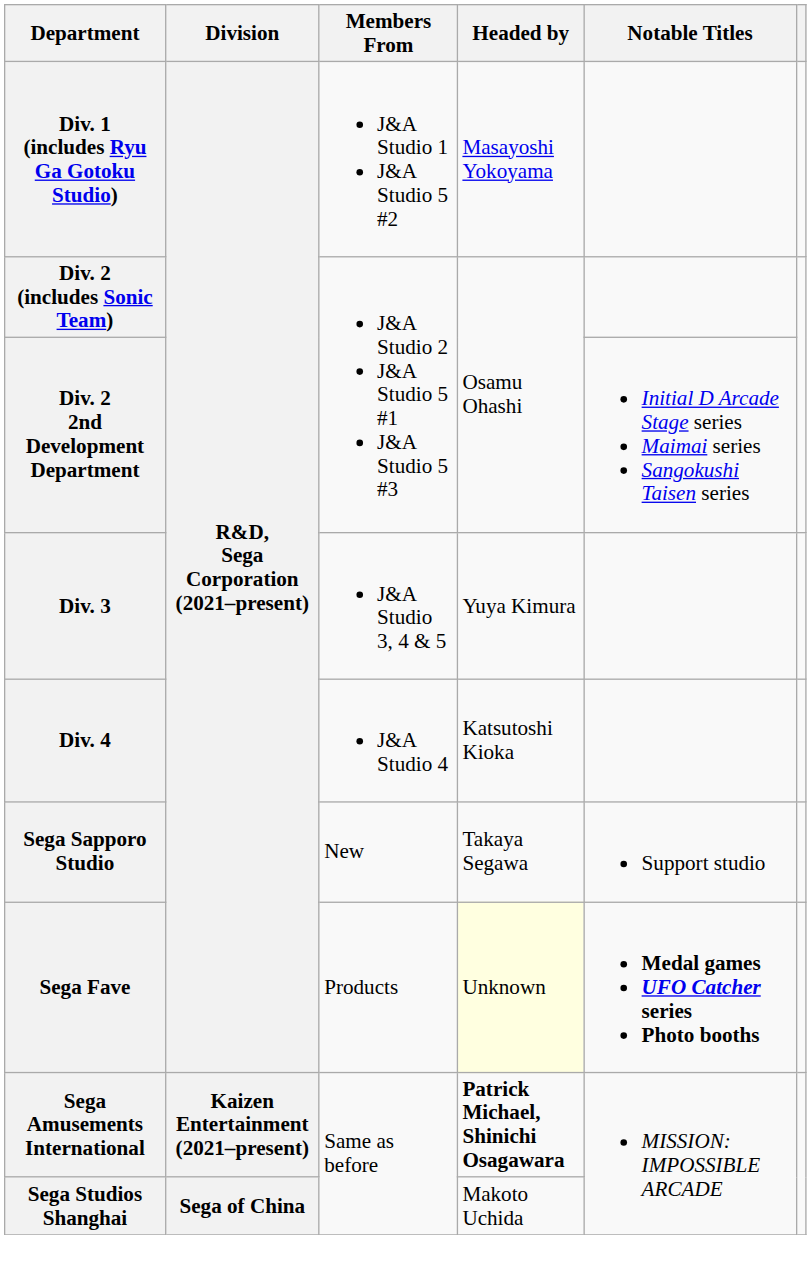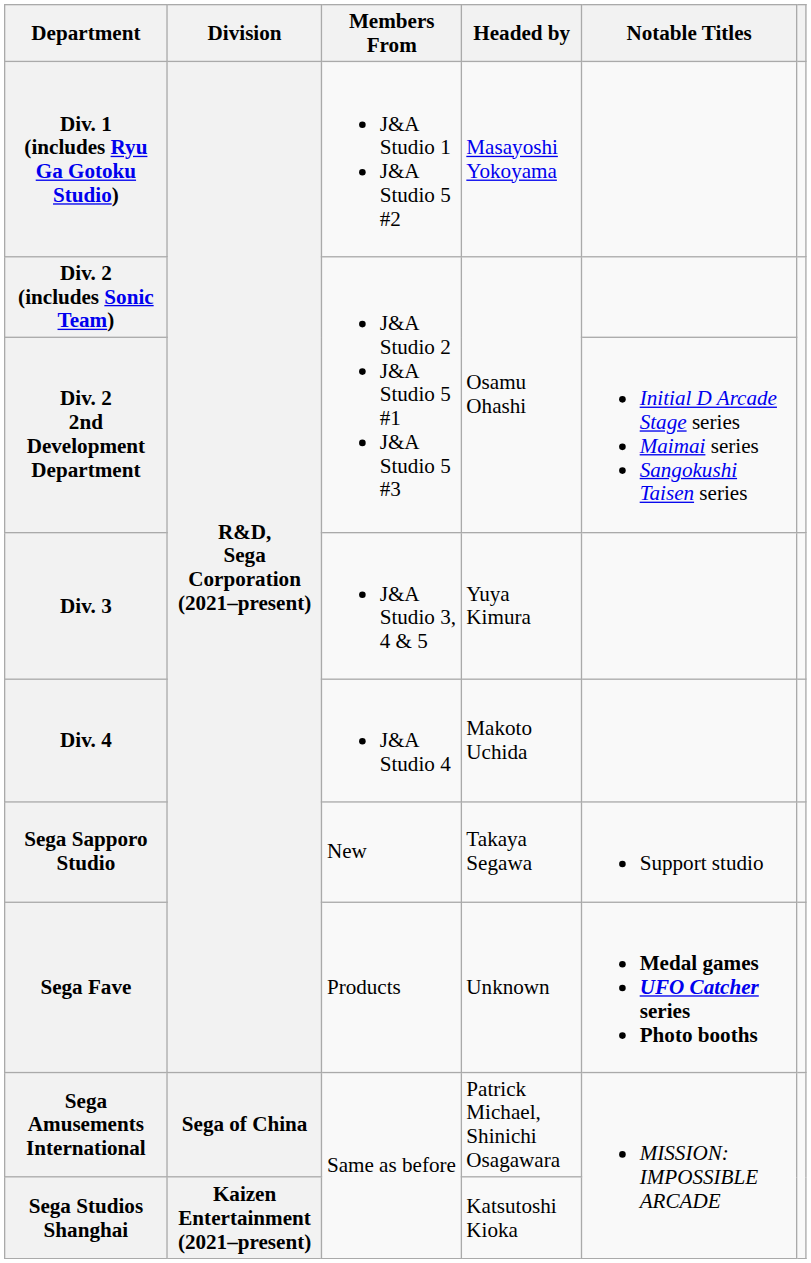 <table class="wikitable">
 <tr>
 <th>Department</th>
 <th>Division</th>
 <th>Members From</th>
 <th>Headed by</th>
 <th>Notable Titles</th>
 <th></th>
 </tr>
 <tr>
 <th>Div. 1<br>(includes <a href='#'>Ryu Ga Gotoku Studio</a>)</th>
 <th rowspan="7">R&D,<br>Sega Corporation<br>(2021–present)</th>
 <td><br><ul><li>J&A Studio 1</li><li>J&A Studio 5 #2</li></ul></td>
 <td><a href='#'>Masayoshi Yokoyama</a></td>
 <td></td>
 <td></td>
 </tr>
 <tr>
 <th>Div. 2<br>(includes  <a href='#'>Sonic Team</a>)</th>
 <td rowspan="2"><br><ul><li>J&A Studio 2</li><li>J&A Studio 5 #1</li><li>J&A Studio 5 #3</li></ul></td>
 <td rowspan="2">Osamu Ohashi</td>
 <td></td>
 <td rowspan="2"></td>
 </tr>
 <tr>
 <th>Div. 2<br>2nd Development Department</th>
 <td><br><ul><li><em><a href='#'>Initial D Arcade Stage</a></em> series</li><li><em><a href='#'>Maimai</a></em> series</li><li><em><a href='#'>Sangokushi Taisen</a></em> series</li></ul></td>
 </tr>
 <tr>
 <th>Div. 3</th>
 <td><br><ul><li>J&A Studio 3, 4 & 5</li></ul></td>
 <td>Yuya Kimura</td>
 <td></td>
 <td></td>
 </tr>
 <tr>
 <th>Div. 4</th>
 <td><br><ul><li>J&A Studio 4</li></ul></td>
-<td>Katsutoshi Kioka</td>
+<td>Makoto Uchida</td>
 <td></td>
 <td></td>
 </tr>
 <tr>
 <th>Sega Sapporo Studio</th>
 <td>New</td>
 <td>Takaya Segawa</td>
 <td><br><ul><li>Support studio</li></ul></td>
 <td></td>
 </tr>
 <tr>
 <th>Sega Fave</th>
 <td>Products</td>
-<td style="background: lightyellow;">Unknown</td>
+<td>Unknown</td>
 <td><strong><br><ul><li>Medal games</li><li><em><a href='#'>UFO Catcher</a></em> series</li><li>Photo booths</li></ul></strong></td>
 <td></td>
 </tr>
 <tr>
 <th>Sega Amusements International</th>
-<th>Kaizen Entertainment<br>(2021–present)</th>
+<th>Sega of China</th>
 <td rowspan="2">Same as before</td>
-<td><strong>Patrick Michael,<br>Shinichi Osagawara</strong></td>
+<td>Patrick Michael,<br>Shinichi Osagawara</td>
 <td rowspan="2"><br><ul><li><em>MISSION: IMPOSSIBLE ARCADE</em></li></ul></td>
 <td rowspan="2"></td>
 </tr>
 <tr>
 <th>Sega Studios Shanghai</th>
-<th>Sega of China</th>
-<td>Makoto Uchida</td>
+<th>Kaizen Entertainment<br>(2021–present)</th>
+<td>Katsutoshi Kioka</td>
 </tr>
 </table>
